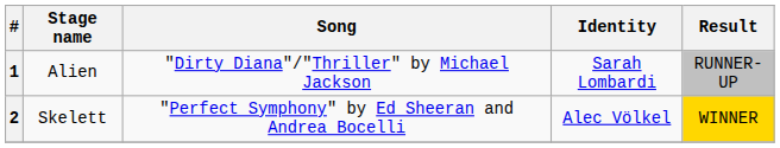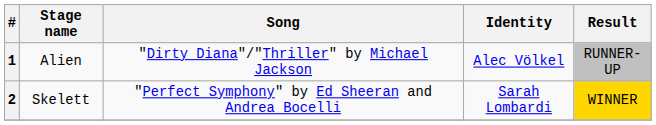 <table class="wikitable plainrowheaders" style="text-align: center;">
 <tr>
 <th>#</th>
 <th>Stage name</th>
 <th>Song</th>
 <th>Identity</th>
 <th>Result</th>
 </tr>
 <tr>
 <th>1</th>
 <td>Alien</td>
 <td>"<a href='#'>Dirty Diana</a>"/"<a href='#'>Thriller</a>" by <a href='#'>Michael Jackson</a></td>
-<td><a href='#'>Sarah Lombardi</a></td>
+<td><a href='#'>Alec Völkel</a></td>
 <td bgcolor="silver">RUNNER-UP</td>
 </tr>
 <tr>
 <th>2</th>
 <td>Skelett</td>
 <td>"<a href='#'>Perfect Symphony</a>" by <a href='#'>Ed Sheeran</a> and <a href='#'>Andrea Bocelli</a></td>
-<td><a href='#'>Alec Völkel</a></td>
+<td><a href='#'>Sarah Lombardi</a></td>
 <td bgcolor="gold">WINNER</td>
 </tr>
 <tr>
 </tr>
 </table>
